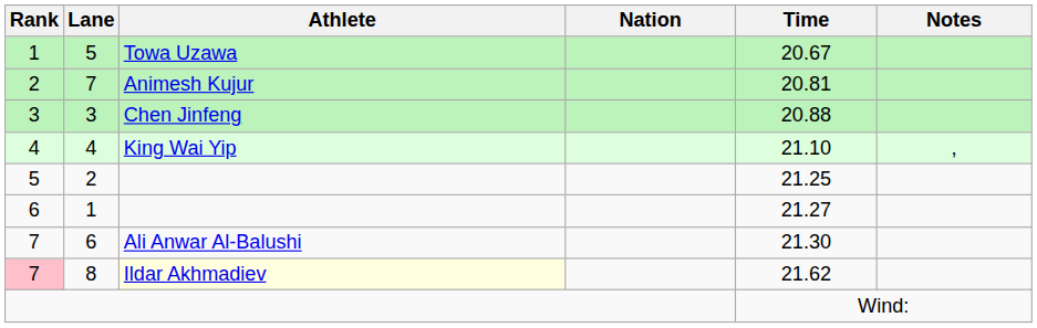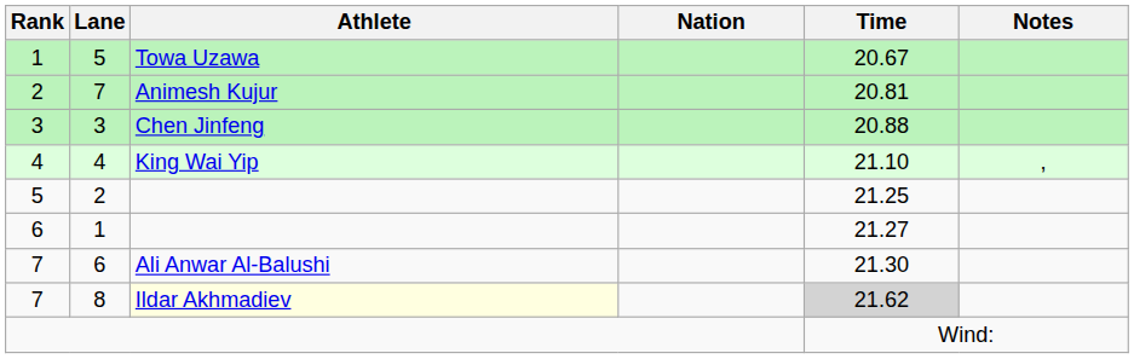 <table class="wikitable sortable" style="text-align:center;width: 65%;">
 <tr>
 <th scope="col" style="width: 10px;">Rank</th>
 <th scope="col" style="width: 10px;">Lane</th>
 <th scope="col">Athlete</th>
 <th scope="col">Nation</th>
 <th scope="col">Time</th>
 <th scope="col">Notes</th>
 </tr>
 <tr bgcolor=bbf3bb>
 <td>1</td>
 <td>5</td>
 <td align="left"><a href='#'>Towa Uzawa</a></td>
 <td align="left"></td>
 <td>20.67</td>
 <td></td>
 </tr>
 <tr bgcolor=bbf3bb>
 <td>2</td>
 <td>7</td>
 <td align="left"><a href='#'>Animesh Kujur</a></td>
 <td align="left"></td>
 <td>20.81</td>
 <td></td>
 </tr>
 <tr bgcolor=bbf3bb>
 <td>3</td>
 <td>3</td>
 <td align="left"><a href='#'>Chen Jinfeng</a></td>
 <td align="left"></td>
 <td>20.88</td>
 <td></td>
 </tr>
 <tr bgcolor=ddffdd>
 <td>4</td>
 <td>4</td>
 <td align="left"><a href='#'>King Wai Yip</a></td>
 <td align="left"></td>
 <td>21.10</td>
 <td>, </td>
 </tr>
 <tr>
 <td>5</td>
 <td>2</td>
 <td align="left"></td>
 <td align="left"></td>
 <td>21.25</td>
 <td></td>
 </tr>
 <tr>
 <td>6</td>
 <td>1</td>
 <td align="left"></td>
 <td align="left"></td>
 <td>21.27</td>
 <td></td>
 </tr>
 <tr>
 <td>7</td>
 <td>6</td>
 <td align="left"><a href='#'>Ali Anwar Al-Balushi</a></td>
 <td align="left"></td>
 <td>21.30</td>
 <td></td>
 </tr>
 <tr>
-<td style="background: pink;">7</td>
+<td>7</td>
 <td>8</td>
 <td align="left" style="background: lightyellow;"><a href='#'>Ildar Akhmadiev</a></td>
 <td align="left"></td>
-<td>21.62</td>
+<td style="background: lightgrey;">21.62</td>
 <td></td>
 </tr>
 <tr class="sortbottom">
 <td colspan="4"></td>
 <td colspan="2">Wind: </td>
 </tr>
 </table>
